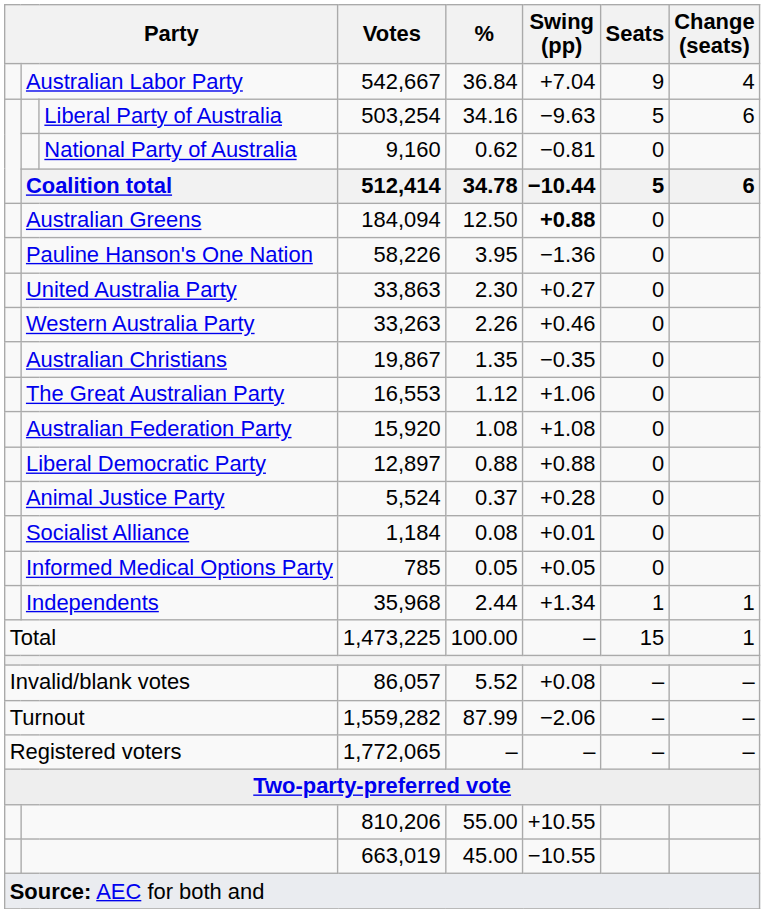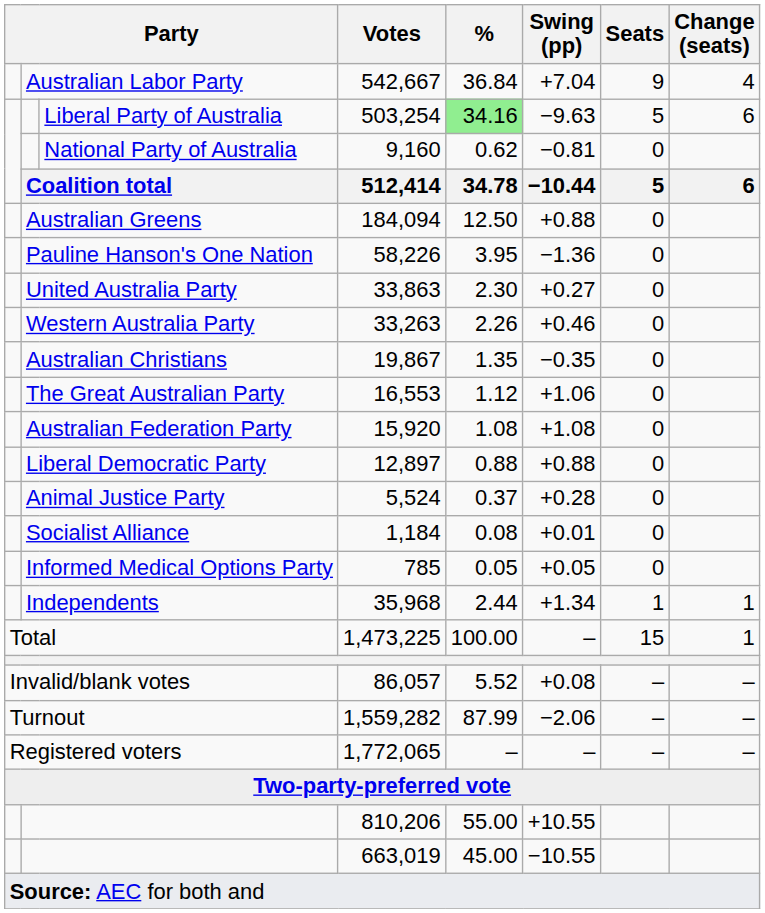 <table class="wikitable" style="text-align:right;  margin-bottom:0">
 <tr>
 <th colspan=3 style="width:200px">Party</th>
 <th style="width:70px;">Votes</th>
 <th style="width:40px;">%</th>
 <th style="width:40px;">Swing (pp)</th>
 <th style="width:40px;">Seats</th>
 <th style="width:40px;">Change (seats)</th>
 </tr>
 <tr>
 <td> </td>
 <td style="text-align:left;" colspan="2"><a href='#'>Australian Labor Party</a></td>
 <td align=right>542,667</td>
 <td align=right>36.84</td>
 <td align=right>+7.04</td>
 <td align=right>9</td>
 <td align=right> 4</td>
 </tr>
 <tr>
 <td rowspan="3"> </td>
 <td> </td>
 <td style="text-align:left;"><a href='#'>Liberal Party of Australia</a></td>
 <td align="right">503,254</td>
-<td align="right">34.16</td>
+<td align="right" style="background: lightgreen;">34.16</td>
 <td align="right">−9.63</td>
 <td align="right">5</td>
 <td align="right"> 6</td>
 </tr>
 <tr>
 <td> </td>
 <td style="text-align:left;"><a href='#'>National Party of Australia</a></td>
 <td align="right">9,160</td>
 <td align="right">0.62</td>
 <td align="right">−0.81</td>
 <td align="right">0</td>
 <td align="right"></td>
 </tr>
 <tr>
 <th colspan="2" style="text-align:left;"><a href='#'>Coalition total</a></th>
 <th style="text-align:right;">512,414</th>
 <th style="text-align:right;">34.78</th>
 <th style="text-align:right;">−10.44</th>
 <th style="text-align:right;">5</th>
 <th style="text-align:right;"> 6</th>
 </tr>
 <tr>
 <td> </td>
 <td style="text-align:left;" colspan="2"><a href='#'>Australian Greens</a></td>
 <td align=right>184,094</td>
 <td align=right>12.50</td>
-<td align=right><strong>+0.88</strong></td>
+<td align=right>+0.88</td>
 <td align=right>0</td>
 <td align=right></td>
 </tr>
 <tr>
 <td> </td>
 <td style="text-align:left;" colspan="2"><a href='#'>Pauline Hanson's One Nation</a></td>
 <td align=right>58,226</td>
 <td align=right>3.95</td>
 <td align=right>−1.36</td>
 <td align=right>0</td>
 <td align=right></td>
 </tr>
 <tr>
 <td> </td>
 <td style="text-align:left;" colspan="2"><a href='#'>United Australia Party</a></td>
 <td align=right>33,863</td>
 <td align=right>2.30</td>
 <td align=right>+0.27</td>
 <td align=right>0</td>
 <td align=right></td>
 </tr>
 <tr>
 <td> </td>
 <td style="text-align:left;" colspan="2"><a href='#'>Western Australia Party</a></td>
 <td align=right>33,263</td>
 <td align=right>2.26</td>
 <td align=right>+0.46</td>
 <td align=right>0</td>
 <td align=right></td>
 </tr>
 <tr>
 <td> </td>
 <td style="text-align:left;" colspan="2"><a href='#'>Australian Christians</a></td>
 <td align=right>19,867</td>
 <td align=right>1.35</td>
 <td align=right>−0.35</td>
 <td align=right>0</td>
 <td align=right></td>
 </tr>
 <tr>
 <td> </td>
 <td style="text-align:left;" colspan="2"><a href='#'>The Great Australian Party</a></td>
 <td align=right>16,553</td>
 <td align=right>1.12</td>
 <td align=right>+1.06</td>
 <td align=right>0</td>
 <td align=right></td>
 </tr>
 <tr>
 <td> </td>
 <td style="text-align:left;" colspan="2"><a href='#'>Australian Federation Party</a></td>
 <td align=right>15,920</td>
 <td align=right>1.08</td>
 <td align=right>+1.08</td>
 <td align=right>0</td>
 <td align=right></td>
 </tr>
 <tr>
 <td> </td>
 <td style="text-align:left;" colspan="2"><a href='#'>Liberal Democratic Party</a></td>
 <td align=right>12,897</td>
 <td align=right>0.88</td>
 <td align=right>+0.88</td>
 <td align=right>0</td>
 <td align=right></td>
 </tr>
 <tr>
 <td> </td>
 <td style="text-align:left;" colspan="2"><a href='#'>Animal Justice Party</a></td>
 <td align=right>5,524</td>
 <td align=right>0.37</td>
 <td align=right>+0.28</td>
 <td align=right>0</td>
 <td align=right></td>
 </tr>
 <tr>
 <td> </td>
 <td style="text-align:left;" colspan="2"><a href='#'>Socialist Alliance</a></td>
 <td align=right>1,184</td>
 <td align=right>0.08</td>
 <td align=right>+0.01</td>
 <td align=right>0</td>
 <td align=right></td>
 </tr>
 <tr>
 <td> </td>
 <td style="text-align:left;" colspan="2"><a href='#'>Informed Medical Options Party</a></td>
 <td align=right>785</td>
 <td align=right>0.05</td>
 <td align=right>+0.05</td>
 <td align=right>0</td>
 <td align=right></td>
 </tr>
 <tr>
 <td> </td>
 <td style="text-align:left;" colspan="2"><a href='#'>Independents</a></td>
 <td align=right>35,968</td>
 <td align=right>2.44</td>
 <td align=right>+1.34</td>
 <td align=right>1</td>
 <td align=right> 1</td>
 </tr>
 <tr>
 <td colspan="3" align="left">Total</td>
 <td align=right>1,473,225</td>
 <td align=right>100.00</td>
 <td align=right>–</td>
 <td align=right>15</td>
 <td align=right> 1</td>
 </tr>
 <tr>
 <th colspan="9"></th>
 </tr>
 <tr>
 <td style="text-align:left;" colspan="3">Invalid/blank votes</td>
 <td>86,057</td>
 <td>5.52</td>
 <td>+0.08</td>
 <td>–</td>
 <td>–</td>
 </tr>
 <tr>
 <td style="text-align:left;" colspan="3">Turnout</td>
 <td>1,559,282</td>
 <td>87.99</td>
 <td>−2.06</td>
 <td>–</td>
 <td>–</td>
 </tr>
 <tr>
 <td style="text-align:left;" colspan="3">Registered voters</td>
 <td>1,772,065</td>
 <td>–</td>
 <td>–</td>
 <td>–</td>
 <td>–</td>
 </tr>
 <tr>
 <td colspan="9" style="text-align:center; background:#eee;"><strong><a href='#'>Two-party-preferred vote</a></strong></td>
 </tr>
 <tr>
 <td> </td>
 <td style="text-align:left;" colspan="2"></td>
 <td align=right>810,206</td>
 <td align=right>55.00</td>
 <td align=right>+10.55</td>
 <td align=right></td>
 <td align=right></td>
 </tr>
 <tr>
 <td> </td>
 <td style="text-align:left;" colspan="2"></td>
 <td align=right>663,019</td>
 <td align=right>45.00</td>
 <td align=right>−10.55</td>
 <td align=right></td>
 <td align=right></td>
 </tr>
 <tr>
 <td style="text-align:left; background-color:#eaecf0" colspan="8"><strong>Source:</strong> <a href='#'>AEC</a> for both  and </td>
 </tr>
 </table>
